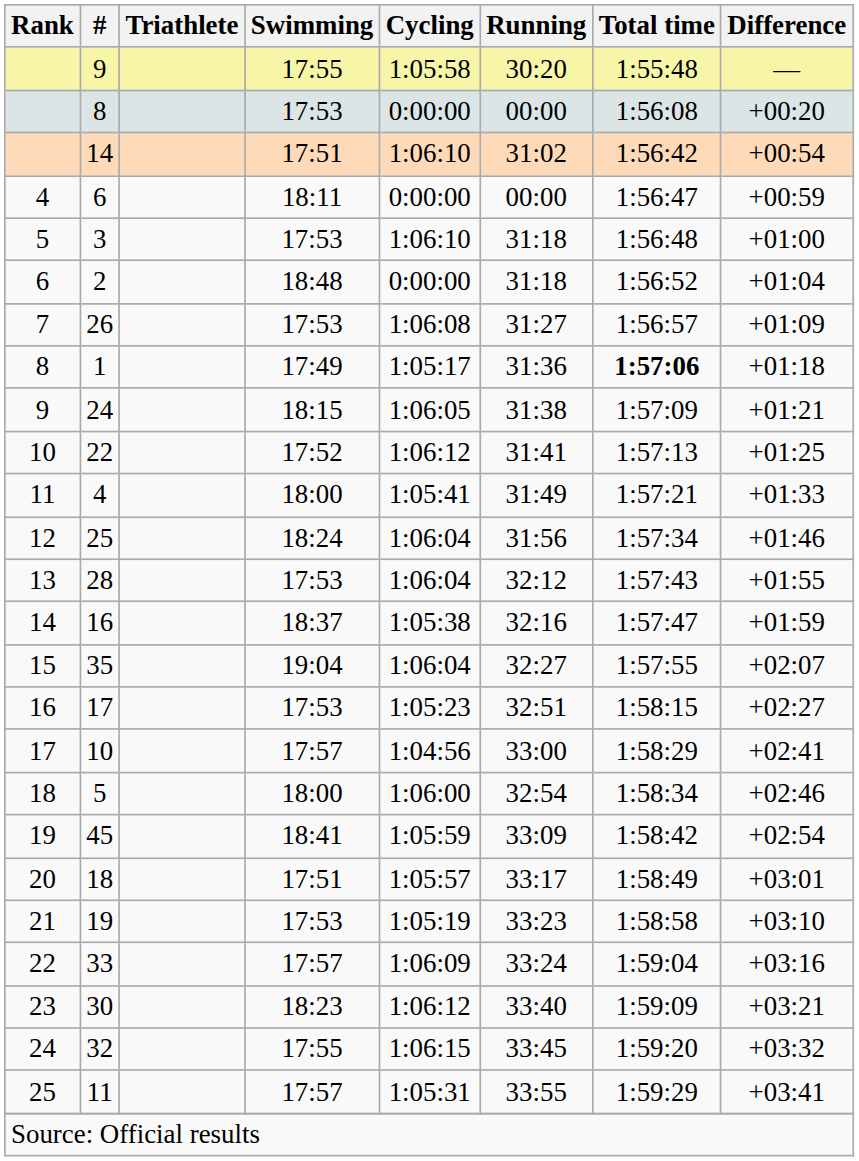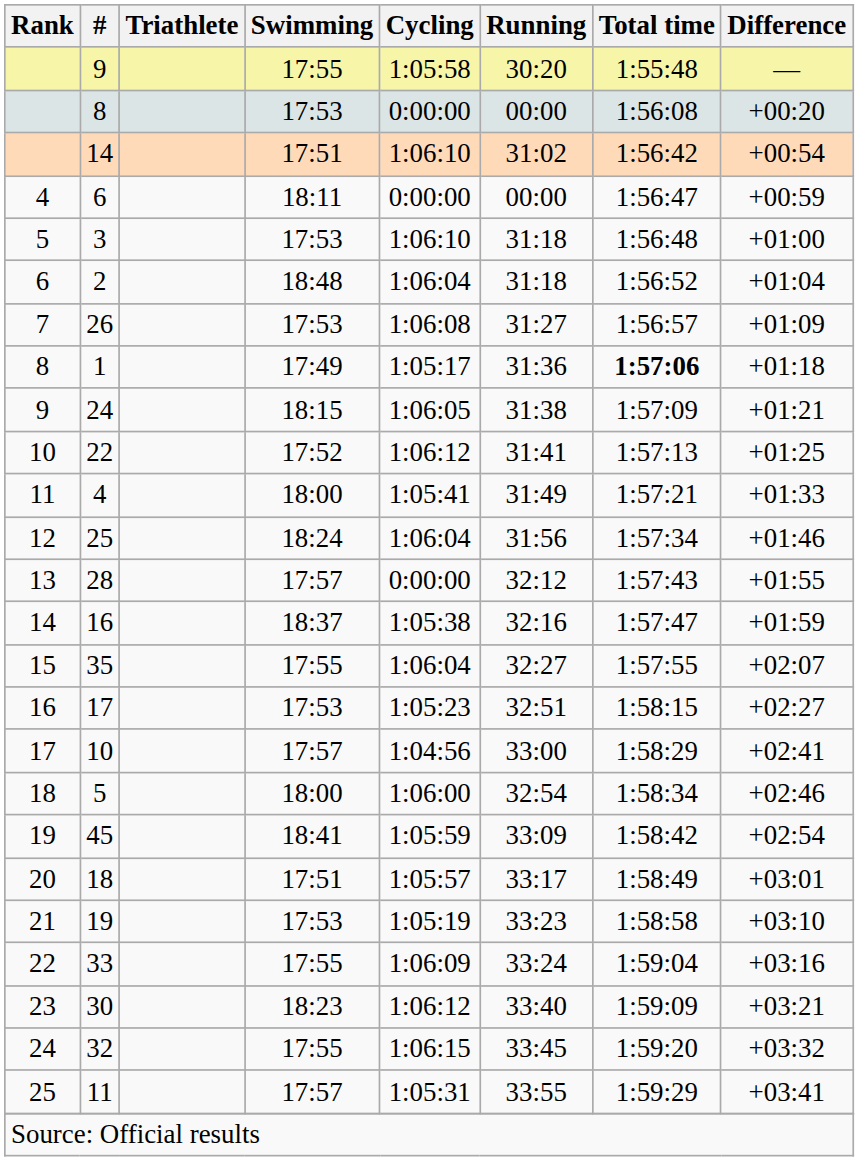 <table class="wikitable sortable" style="text-align:center">
 <tr>
 <th data-sort-type="number">Rank</th>
 <th>#</th>
 <th>Triathlete</th>
 <th>Swimming</th>
 <th>Cycling</th>
 <th>Running</th>
 <th>Total time</th>
 <th>Difference</th>
 </tr>
 <tr style="background:#F7F6A8;”">
 <td></td>
 <td>9</td>
 <td align=left></td>
 <td>17:55</td>
 <td>1:05:58</td>
 <td>30:20</td>
 <td>1:55:48</td>
 <td>—</td>
 </tr>
 <tr style="background:#DCE5E5;”">
 <td></td>
 <td>8</td>
 <td align=left></td>
 <td>17:53</td>
 <td>0:00:00</td>
 <td>00:00</td>
 <td>1:56:08</td>
 <td>+00:20</td>
 </tr>
 <tr style="background:#FFDAB9;">
 <td></td>
 <td>14</td>
 <td align=left></td>
 <td>17:51</td>
 <td>1:06:10</td>
 <td>31:02</td>
 <td>1:56:42</td>
 <td>+00:54</td>
 </tr>
 <tr>
 <td>4</td>
 <td>6</td>
 <td align=left></td>
 <td>18:11</td>
 <td>0:00:00</td>
 <td>00:00</td>
 <td>1:56:47</td>
 <td>+00:59</td>
 </tr>
 <tr>
 <td>5</td>
 <td>3</td>
 <td align=left></td>
 <td>17:53</td>
 <td>1:06:10</td>
 <td>31:18</td>
 <td>1:56:48</td>
 <td>+01:00</td>
 </tr>
 <tr>
 <td>6</td>
 <td>2</td>
 <td align=left></td>
 <td>18:48</td>
-<td>0:00:00</td>
+<td>1:06:04</td>
 <td>31:18</td>
 <td>1:56:52</td>
 <td>+01:04</td>
 </tr>
 <tr>
 <td>7</td>
 <td>26</td>
 <td align=left></td>
 <td>17:53</td>
 <td>1:06:08</td>
 <td>31:27</td>
 <td>1:56:57</td>
 <td>+01:09</td>
 </tr>
 <tr>
 <td>8</td>
 <td>1</td>
 <td align=left></td>
 <td>17:49</td>
 <td>1:05:17</td>
 <td>31:36</td>
 <td><strong>1:57:06</strong></td>
 <td>+01:18</td>
 </tr>
 <tr>
 <td>9</td>
 <td>24</td>
 <td align=left></td>
 <td>18:15</td>
 <td>1:06:05</td>
 <td>31:38</td>
 <td>1:57:09</td>
 <td>+01:21</td>
 </tr>
 <tr>
 <td>10</td>
 <td>22</td>
 <td align=left></td>
 <td>17:52</td>
 <td>1:06:12</td>
 <td>31:41</td>
 <td>1:57:13</td>
 <td>+01:25</td>
 </tr>
 <tr>
 <td>11</td>
 <td>4</td>
 <td align=left></td>
 <td>18:00</td>
 <td>1:05:41</td>
 <td>31:49</td>
 <td>1:57:21</td>
 <td>+01:33</td>
 </tr>
 <tr>
 <td>12</td>
 <td>25</td>
 <td align=left></td>
 <td>18:24</td>
 <td>1:06:04</td>
 <td>31:56</td>
 <td>1:57:34</td>
 <td>+01:46</td>
 </tr>
 <tr>
 <td>13</td>
 <td>28</td>
 <td align=left></td>
-<td>17:53</td>
-<td>1:06:04</td>
+<td>17:57</td>
+<td>0:00:00</td>
 <td>32:12</td>
 <td>1:57:43</td>
 <td>+01:55</td>
 </tr>
 <tr>
 <td>14</td>
 <td>16</td>
 <td align=left></td>
 <td>18:37</td>
 <td>1:05:38</td>
 <td>32:16</td>
 <td>1:57:47</td>
 <td>+01:59</td>
 </tr>
 <tr>
 <td>15</td>
 <td>35</td>
 <td align=left></td>
-<td>19:04</td>
+<td>17:55</td>
 <td>1:06:04</td>
 <td>32:27</td>
 <td>1:57:55</td>
 <td>+02:07</td>
 </tr>
 <tr>
 <td>16</td>
 <td>17</td>
 <td align=left></td>
 <td>17:53</td>
 <td>1:05:23</td>
 <td>32:51</td>
 <td>1:58:15</td>
 <td>+02:27</td>
 </tr>
 <tr>
 <td>17</td>
 <td>10</td>
 <td align=left></td>
 <td>17:57</td>
 <td>1:04:56</td>
 <td>33:00</td>
 <td>1:58:29</td>
 <td>+02:41</td>
 </tr>
 <tr>
 <td>18</td>
 <td>5</td>
 <td align=left></td>
 <td>18:00</td>
 <td>1:06:00</td>
 <td>32:54</td>
 <td>1:58:34</td>
 <td>+02:46</td>
 </tr>
 <tr>
 <td>19</td>
 <td>45</td>
 <td align=left></td>
 <td>18:41</td>
 <td>1:05:59</td>
 <td>33:09</td>
 <td>1:58:42</td>
 <td>+02:54</td>
 </tr>
 <tr>
 <td>20</td>
 <td>18</td>
 <td align=left></td>
 <td>17:51</td>
 <td>1:05:57</td>
 <td>33:17</td>
 <td>1:58:49</td>
 <td>+03:01</td>
 </tr>
 <tr>
 <td>21</td>
 <td>19</td>
 <td align=left></td>
 <td>17:53</td>
 <td>1:05:19</td>
 <td>33:23</td>
 <td>1:58:58</td>
 <td>+03:10</td>
 </tr>
 <tr>
 <td>22</td>
 <td>33</td>
 <td align=left></td>
-<td>17:57</td>
+<td>17:55</td>
 <td>1:06:09</td>
 <td>33:24</td>
 <td>1:59:04</td>
 <td>+03:16</td>
 </tr>
 <tr>
 <td>23</td>
 <td>30</td>
 <td align=left></td>
 <td>18:23</td>
 <td>1:06:12</td>
 <td>33:40</td>
 <td>1:59:09</td>
 <td>+03:21</td>
 </tr>
 <tr>
 <td>24</td>
 <td>32</td>
 <td align=left></td>
 <td>17:55</td>
 <td>1:06:15</td>
 <td>33:45</td>
 <td>1:59:20</td>
 <td>+03:32</td>
 </tr>
 <tr>
 <td>25</td>
 <td>11</td>
 <td align=left></td>
 <td>17:57</td>
 <td>1:05:31</td>
 <td>33:55</td>
 <td>1:59:29</td>
 <td>+03:41</td>
 </tr>
 <tr>
 </tr>
 <tr class="sortbottom">
 <td colspan="9" style="text-align:left;">Source: Official results</td>
 </tr>
 </table>
